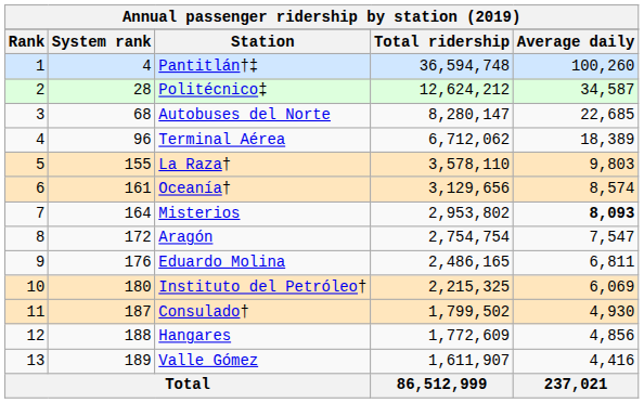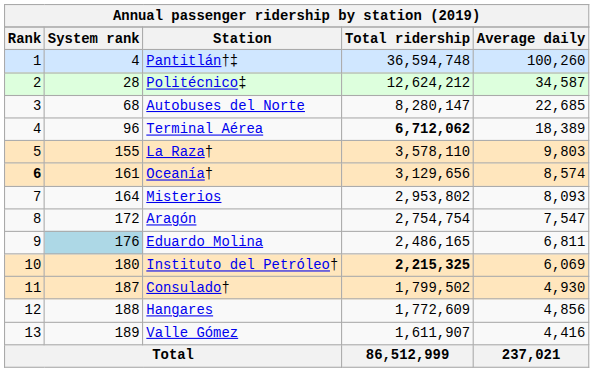 <table class="wikitable sortable" style="text-align:right">
 <tr>
 <th colspan="6" style="background-color:#">Annual passenger ridership by station (2019)</th>
 </tr>
 <tr style="font-size:95%; text-align:center">
 </tr>
 <tr>
 <th>Rank</th>
 <th>System rank</th>
 <th>Station</th>
 <th>Total ridership</th>
 <th>Average daily</th>
 </tr>
 <tr style="background-color:#D0E7FF">
 <td>1</td>
 <td>4</td>
 <td align=left><a href='#'>Pantitlán</a>†‡</td>
 <td>36,594,748</td>
 <td>100,260</td>
 </tr>
 <tr style="background-color:#DDFFDD">
 <td>2</td>
 <td>28</td>
 <td align=left><a href='#'>Politécnico</a>‡</td>
 <td>12,624,212</td>
 <td>34,587</td>
 </tr>
 <tr>
 <td>3</td>
 <td>68</td>
 <td align=left><a href='#'>Autobuses del Norte</a></td>
 <td>8,280,147</td>
 <td>22,685</td>
 </tr>
 <tr>
 <td>4</td>
 <td>96</td>
 <td align=left><a href='#'>Terminal Aérea</a></td>
-<td>6,712,062</td>
+<td><strong>6,712,062</strong></td>
 <td>18,389</td>
 </tr>
 <tr style="background-color:#FFE6BD">
 <td>5</td>
 <td>155</td>
 <td align=left><a href='#'>La Raza</a>†</td>
 <td>3,578,110</td>
 <td>9,803</td>
 </tr>
 <tr style="background-color:#FFE6BD">
-<td>6</td>
+<td><strong>6</strong></td>
 <td>161</td>
 <td align=left><a href='#'>Oceanía</a>†</td>
 <td>3,129,656</td>
 <td>8,574</td>
 </tr>
 <tr>
 <td>7</td>
 <td>164</td>
 <td align=left><a href='#'>Misterios</a></td>
 <td>2,953,802</td>
-<td><strong>8,093</strong></td>
+<td>8,093</td>
 </tr>
 <tr>
 <td>8</td>
 <td>172</td>
 <td align=left><a href='#'>Aragón</a></td>
 <td>2,754,754</td>
 <td>7,547</td>
 </tr>
 <tr>
 <td>9</td>
-<td>176</td>
+<td style="background: lightblue;">176</td>
 <td align=left><a href='#'>Eduardo Molina</a></td>
 <td>2,486,165</td>
 <td>6,811</td>
 </tr>
 <tr style="background-color:#FFE6BD">
 <td>10</td>
 <td>180</td>
 <td align=left><a href='#'>Instituto del Petróleo</a>†</td>
-<td>2,215,325</td>
+<td><strong>2,215,325</strong></td>
 <td>6,069</td>
 </tr>
 <tr style="background-color:#FFE6BD">
 <td>11</td>
 <td>187</td>
 <td align=left><a href='#'>Consulado</a>†</td>
 <td>1,799,502</td>
 <td>4,930</td>
 </tr>
 <tr>
 <td>12</td>
 <td>188</td>
 <td align=left><a href='#'>Hangares</a></td>
 <td>1,772,609</td>
 <td>4,856</td>
 </tr>
 <tr>
 <td>13</td>
 <td>189</td>
 <td align=left><a href='#'>Valle Gómez</a></td>
 <td>1,611,907</td>
 <td>4,416</td>
 </tr>
 <tr>
 <th colspan=3>Total</th>
 <th>86,512,999</th>
 <th>237,021</th>
 </tr>
 </table>
